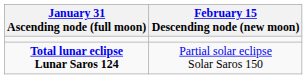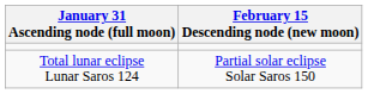 <table class="wikitable">
 <tr>
 <th><a href='#'>January 31</a><br>Ascending node (full moon)<br></th>
 <th><a href='#'>February 15</a><br>Descending node (new moon)<br></th>
 </tr>
 <tr>
 <td></td>
 <td></td>
 </tr>
 <tr align=center>
-<td><strong><a href='#'>Total lunar eclipse</a><br>Lunar Saros 124</strong></td>
+<td><a href='#'>Total lunar eclipse</a><br>Lunar Saros 124</td>
 <td><a href='#'>Partial solar eclipse</a><br>Solar Saros 150</td>
 </tr>
 </table>
